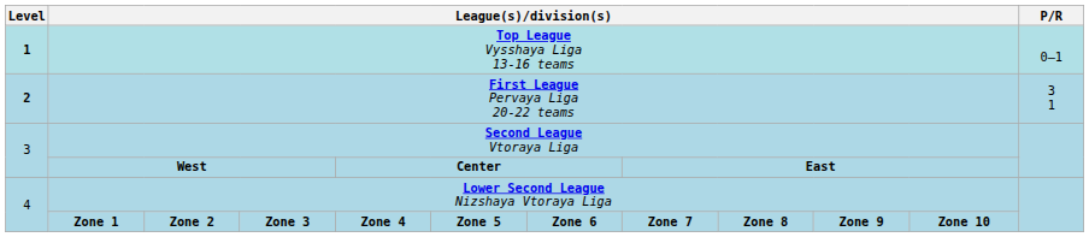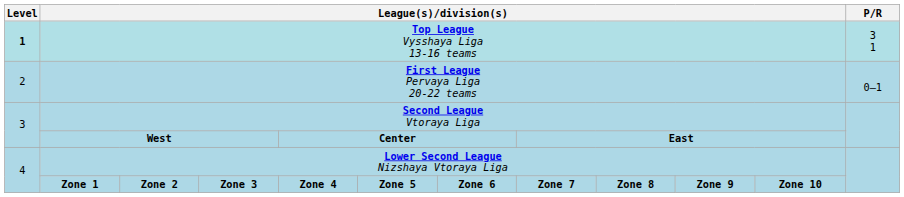 <table class="wikitable" style="text-align:center">
 <tr>
 <th style="width:4%">Level</th>
 <th colspan="10" style="width:90%">League(s)/division(s)</th>
 <th style="width:6%">P/R</th>
 </tr>
 <tr bgcolor=powderblue>
 <td><strong>1</strong></td>
 <td colspan="10"><strong><a href='#'>Top League</a></strong><br><em>Vysshaya Liga</em><br><em>13-16 teams</em></td>
-<td><br> 0–1</td>
+<td> 3<br> 1</td>
 </tr>
 <tr bgcolor=lightblue>
-<td><strong>2</strong></td>
+<td>2</td>
 <td colspan="10"><strong><a href='#'>First League</a></strong><br><em>Pervaya Liga</em><br><em>20-22 teams</em></td>
-<td> 3<br> 1</td>
+<td><br> 0–1</td>
 </tr>
 <tr bgcolor=lightblue>
 <td rowspan="2">3</td>
 <td colspan="10"><strong><a href='#'>Second League</a></strong> <br><em>Vtoraya Liga</em></td>
 <td rowspan="2"></td>
 </tr>
 <tr bgcolor=lightblue>
 <td colspan="3"><strong>West</strong><br></td>
 <td colspan="3"><strong>Center</strong><br></td>
 <td colspan="4"><strong>East</strong><br></td>
 </tr>
 <tr bgcolor=lightblue>
 <td rowspan="2">4</td>
 <td colspan="10"><strong><a href='#'>Lower Second League</a></strong> <br><em>Nizshaya Vtoraya Liga</em></td>
 <td rowspan="2"></td>
 </tr>
 <tr bgcolor=lightblue>
 <td><strong>Zone 1</strong><br></td>
 <td><strong>Zone 2</strong><br></td>
 <td><strong>Zone 3</strong><br></td>
 <td><strong>Zone 4</strong><br></td>
 <td><strong>Zone 5</strong><br></td>
 <td><strong>Zone 6</strong><br></td>
 <td><strong>Zone 7</strong><br></td>
 <td><strong>Zone 8</strong><br></td>
 <td><strong>Zone 9</strong><br></td>
 <td><strong>Zone 10</strong><br></td>
 </tr>
 </table>
